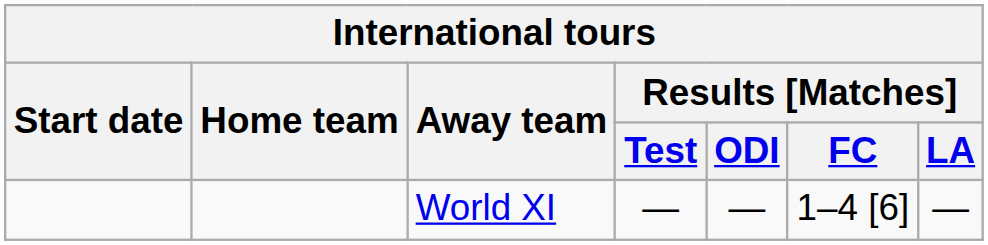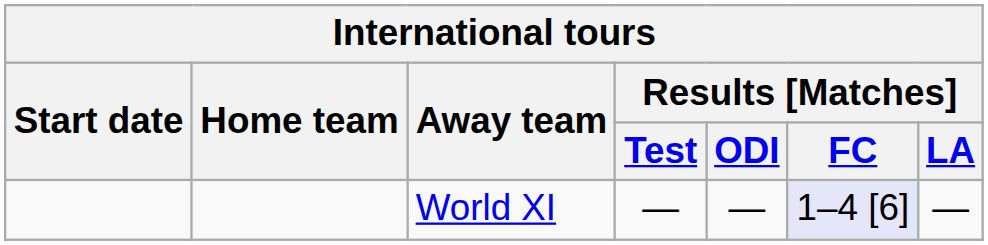 <table class="wikitable">
 <tr>
 <th colspan="7">International tours</th>
 </tr>
 <tr>
 <th rowspan="2">Start date</th>
 <th rowspan="2">Home team</th>
 <th rowspan="2">Away team</th>
 <th colspan="4">Results [Matches]</th>
 </tr>
 <tr>
 <th><a href='#'>Test</a></th>
 <th><a href='#'>ODI</a></th>
 <th><a href='#'>FC</a></th>
 <th><a href='#'>LA</a></th>
 </tr>
 <tr>
 <td><a href='#'></a></td>
 <td></td>
 <td><a href='#'>World XI</a></td>
 <td ; style="text-align:center">—</td>
 <td ; style="text-align:center">—</td>
-<td>1–4 [6]</td>
+<td style="background: lavender;">1–4 [6]</td>
 <td ; style="text-align:center">—</td>
 </tr>
 </table>
